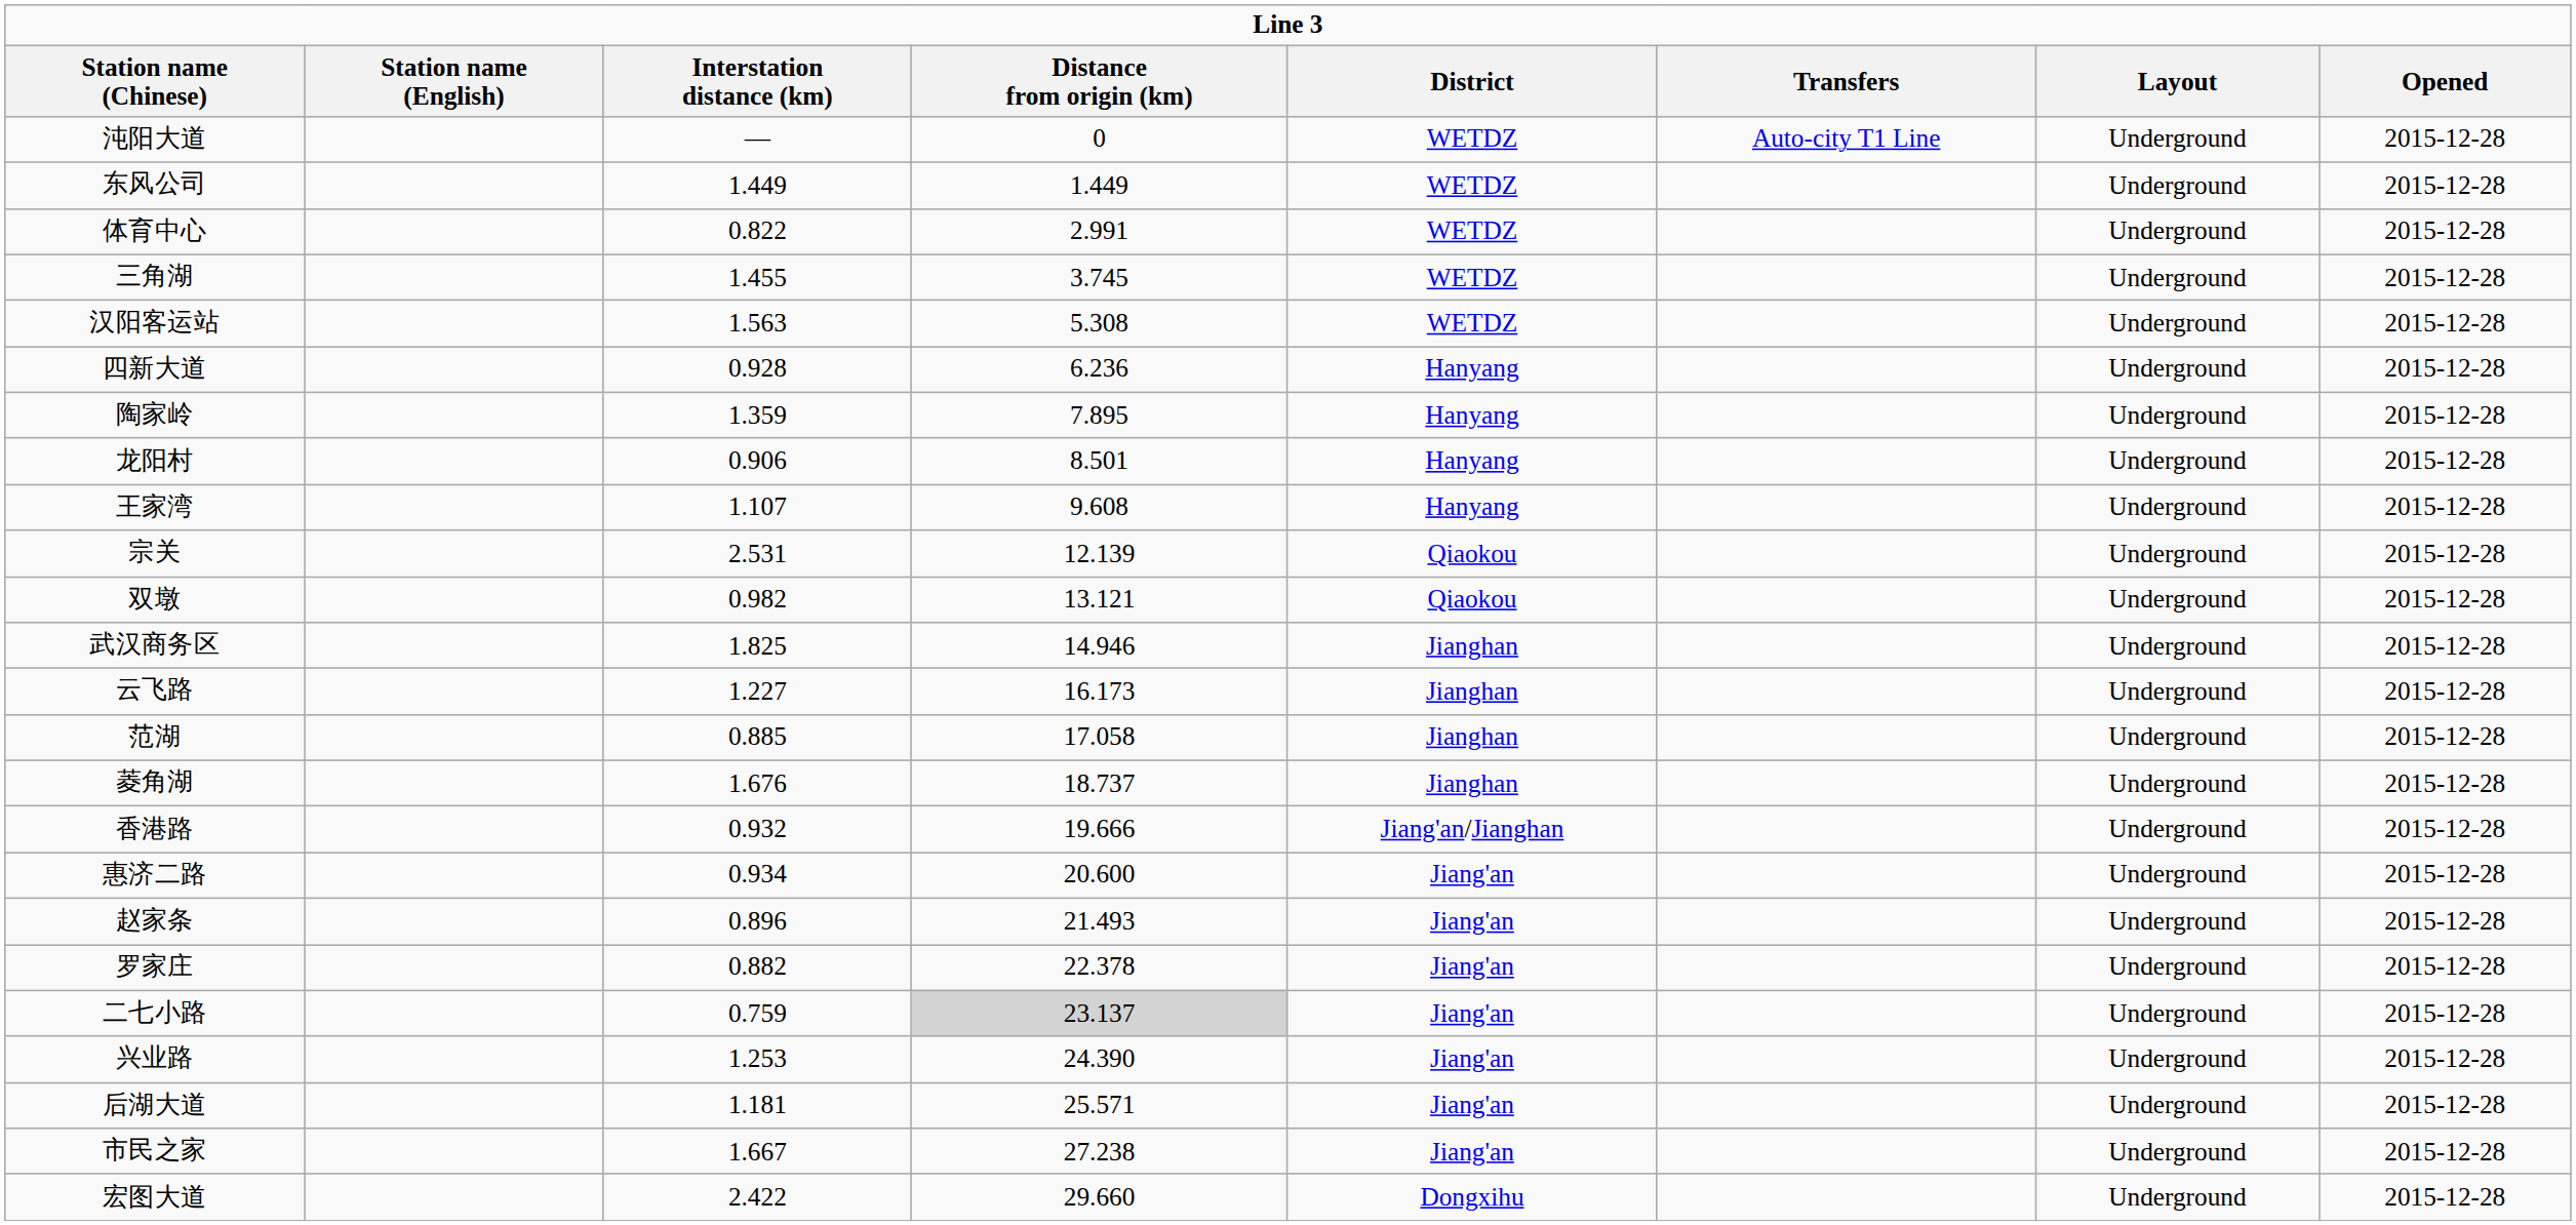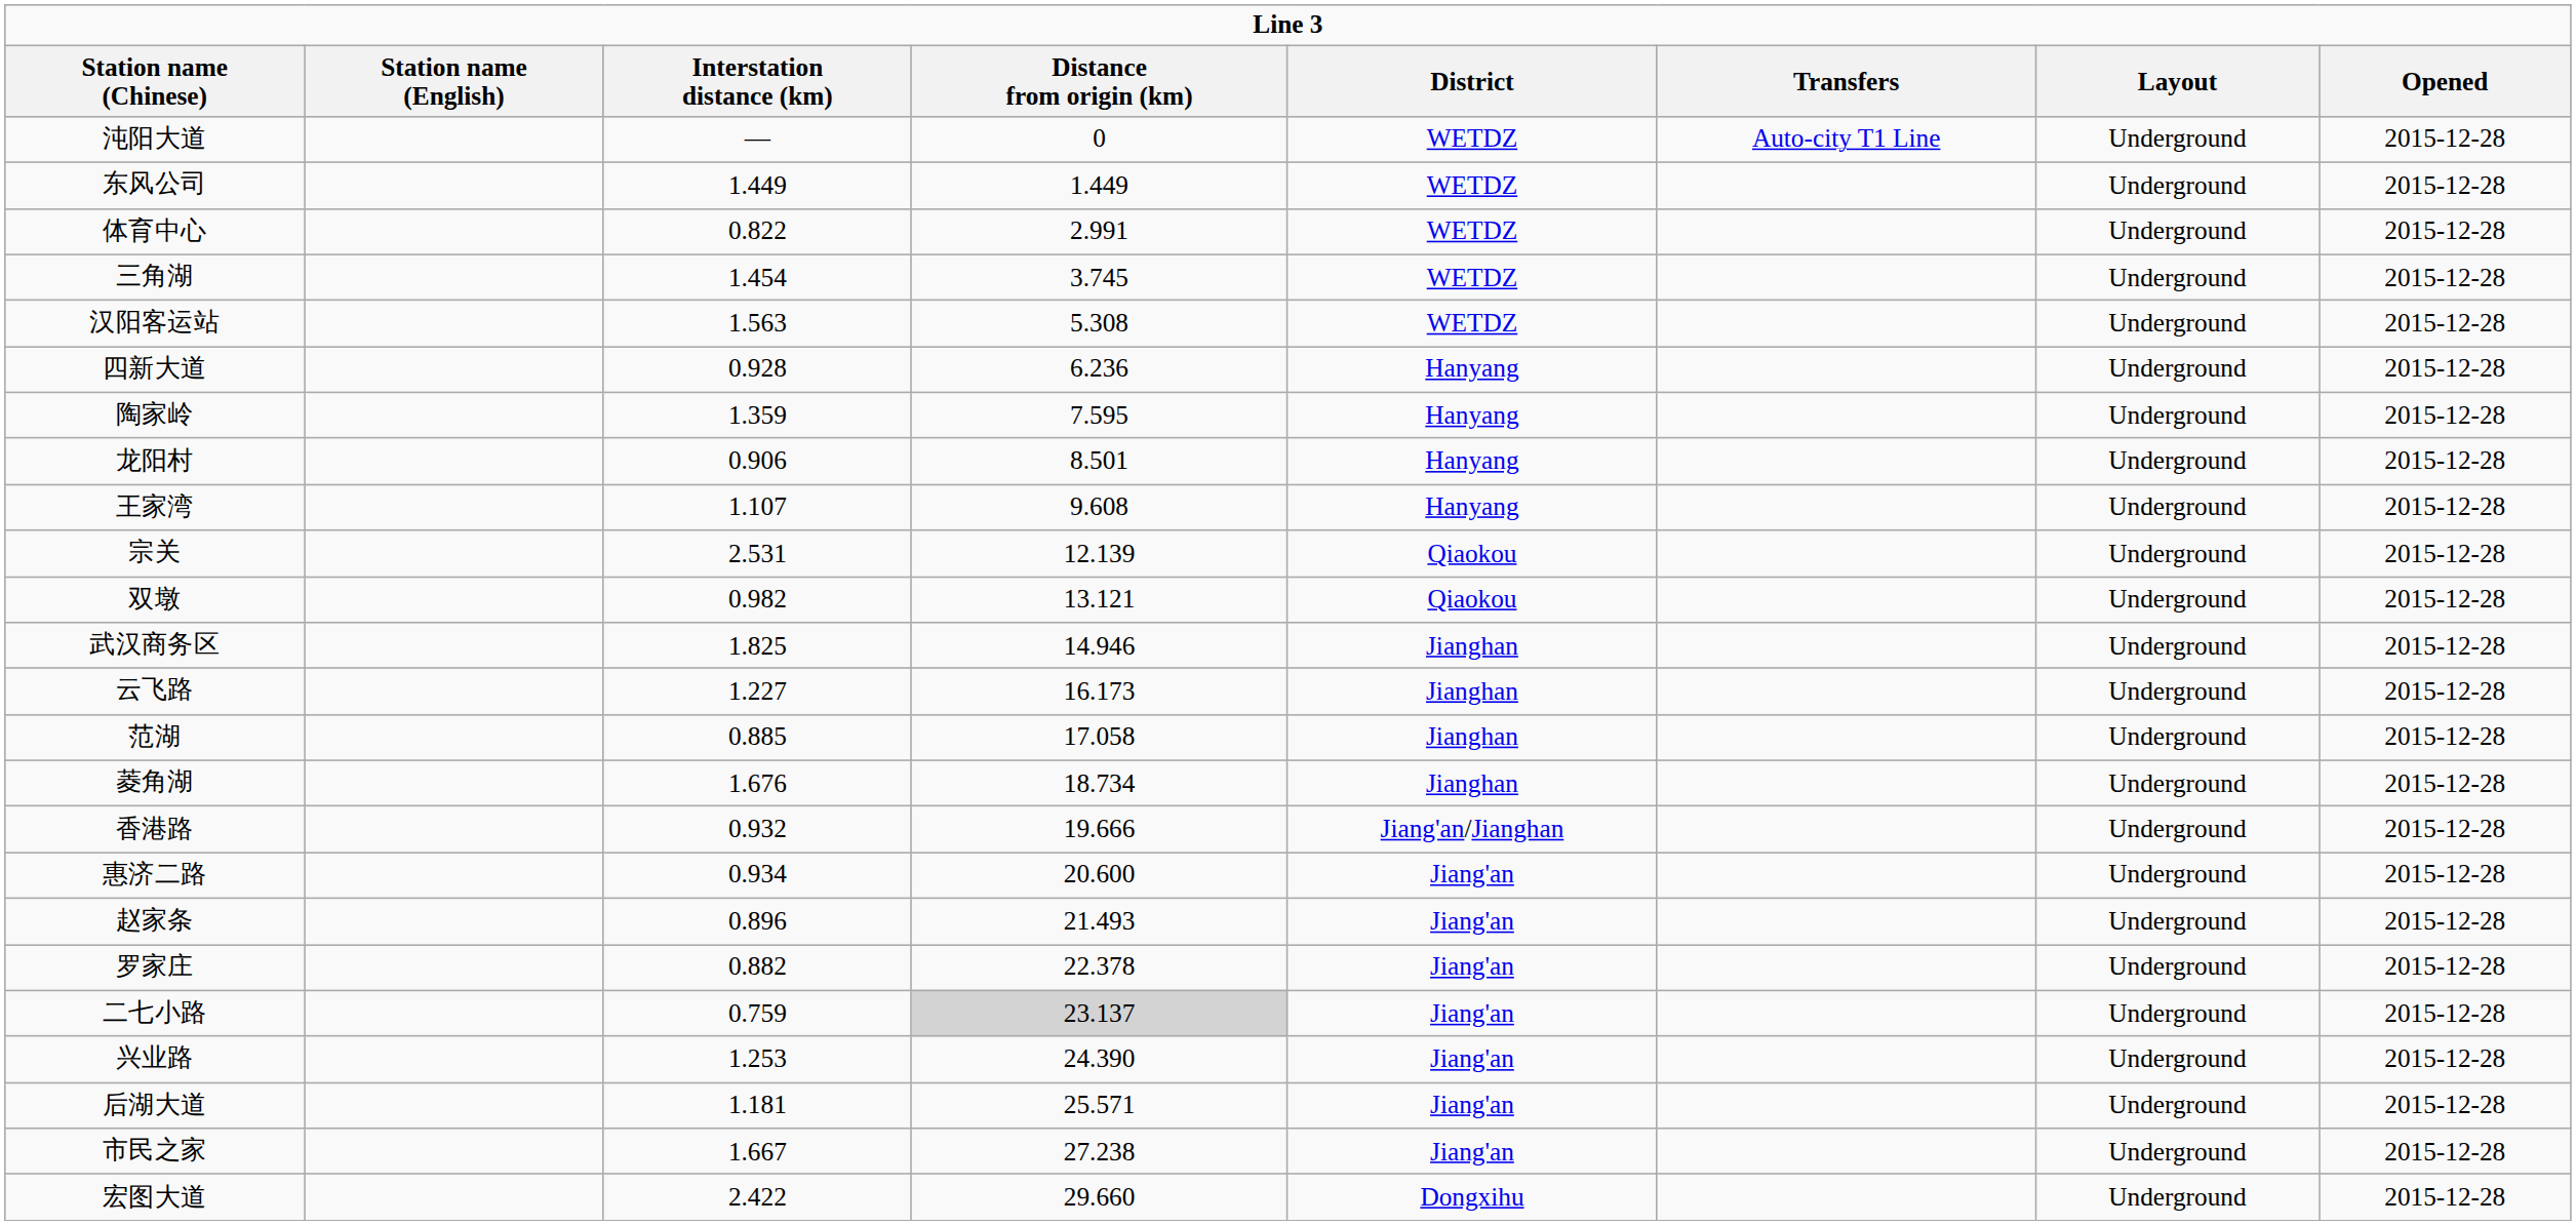 <table class="wikitable" style="width:100%; text-align: center;">
 <tr>
 <td align=center colspan=10><span><strong>Line 3</strong></span></td>
 </tr>
 <tr bgcolor="#CCCCCC">
 <th>Station name<br>(Chinese)</th>
 <th>Station name<br>(English)</th>
 <th>Interstation<br>distance (km)</th>
 <th>Distance<br>from origin (km)</th>
 <th>District</th>
 <th>Transfers</th>
 <th>Layout</th>
 <th>Opened</th>
 </tr>
 <tr>
 <td>沌阳大道</td>
 <td></td>
 <td>—</td>
 <td>0</td>
 <td><a href='#'>WETDZ</a></td>
 <td><a href='#'>Auto-city T1 Line</a></td>
 <td>Underground</td>
 <td>2015-12-28</td>
 </tr>
 <tr>
 <td>东风公司</td>
 <td></td>
 <td>1.449</td>
 <td>1.449</td>
 <td><a href='#'>WETDZ</a></td>
 <td></td>
 <td>Underground</td>
 <td>2015-12-28</td>
 </tr>
 <tr>
 <td>体育中心</td>
 <td></td>
 <td>0.822</td>
 <td>2.991</td>
 <td><a href='#'>WETDZ</a></td>
 <td></td>
 <td>Underground</td>
 <td>2015-12-28</td>
 </tr>
 <tr>
 <td>三角湖</td>
 <td></td>
-<td>1.455</td>
+<td>1.454</td>
 <td>3.745</td>
 <td><a href='#'>WETDZ</a></td>
 <td></td>
 <td>Underground</td>
 <td>2015-12-28</td>
 </tr>
 <tr>
 <td style="white-space:nowrap">汉阳客运站</td>
 <td><small></small></td>
 <td>1.563</td>
 <td>5.308</td>
 <td><a href='#'>WETDZ</a></td>
 <td></td>
 <td>Underground</td>
 <td>2015-12-28</td>
 </tr>
 <tr>
 <td>四新大道</td>
 <td></td>
 <td>0.928</td>
 <td>6.236</td>
 <td><a href='#'>Hanyang</a></td>
 <td></td>
 <td>Underground</td>
 <td>2015-12-28</td>
 </tr>
 <tr>
 <td>陶家岭</td>
 <td></td>
 <td>1.359</td>
-<td>7.895</td>
+<td>7.595</td>
 <td><a href='#'>Hanyang</a></td>
 <td></td>
 <td>Underground</td>
 <td>2015-12-28</td>
 </tr>
 <tr>
 <td>龙阳村</td>
 <td></td>
 <td>0.906</td>
 <td>8.501</td>
 <td><a href='#'>Hanyang</a></td>
 <td></td>
 <td>Underground</td>
 <td>2015-12-28</td>
 </tr>
 <tr>
 <td>王家湾</td>
 <td></td>
 <td>1.107</td>
 <td>9.608</td>
 <td><a href='#'>Hanyang</a></td>
 <td></td>
 <td>Underground</td>
 <td>2015-12-28</td>
 </tr>
 <tr>
 <td>宗关</td>
 <td></td>
 <td>2.531</td>
 <td>12.139</td>
 <td><a href='#'>Qiaokou</a></td>
 <td></td>
 <td>Underground</td>
 <td>2015-12-28</td>
 </tr>
 <tr>
 <td>双墩</td>
 <td></td>
 <td>0.982</td>
 <td>13.121</td>
 <td><a href='#'>Qiaokou</a></td>
 <td></td>
 <td>Underground</td>
 <td>2015-12-28</td>
 </tr>
 <tr>
 <td>武汉商务区</td>
 <td></td>
 <td>1.825</td>
 <td>14.946</td>
 <td><a href='#'>Jianghan</a></td>
 <td></td>
 <td>Underground</td>
 <td>2015-12-28</td>
 </tr>
 <tr>
 <td>云飞路</td>
 <td></td>
 <td>1.227</td>
 <td>16.173</td>
 <td><a href='#'>Jianghan</a></td>
 <td></td>
 <td>Underground</td>
 <td>2015-12-28</td>
 </tr>
 <tr>
 <td>范湖</td>
 <td></td>
 <td>0.885</td>
 <td>17.058</td>
 <td><a href='#'>Jianghan</a></td>
 <td></td>
 <td>Underground</td>
 <td>2015-12-28</td>
 </tr>
 <tr>
 <td>菱角湖</td>
 <td></td>
 <td>1.676</td>
-<td>18.737</td>
+<td>18.734</td>
 <td><a href='#'>Jianghan</a></td>
 <td></td>
 <td>Underground</td>
 <td>2015-12-28</td>
 </tr>
 <tr>
 <td>香港路</td>
 <td></td>
 <td>0.932</td>
 <td>19.666</td>
 <td><a href='#'>Jiang'an</a>/<a href='#'>Jianghan</a></td>
 <td> </td>
 <td>Underground</td>
 <td>2015-12-28</td>
 </tr>
 <tr>
 <td>惠济二路</td>
 <td></td>
 <td>0.934</td>
 <td>20.600</td>
 <td><a href='#'>Jiang'an</a></td>
 <td></td>
 <td>Underground</td>
 <td>2015-12-28</td>
 </tr>
 <tr>
 <td>赵家条</td>
 <td></td>
 <td>0.896</td>
 <td>21.493</td>
 <td><a href='#'>Jiang'an</a></td>
 <td></td>
 <td>Underground</td>
 <td>2015-12-28</td>
 </tr>
 <tr>
 <td>罗家庄</td>
 <td></td>
 <td>0.882</td>
 <td>22.378</td>
 <td><a href='#'>Jiang'an</a></td>
 <td></td>
 <td>Underground</td>
 <td>2015-12-28</td>
 </tr>
 <tr>
 <td>二七小路</td>
 <td></td>
 <td>0.759</td>
 <td style="background: lightgrey;">23.137</td>
 <td><a href='#'>Jiang'an</a></td>
 <td></td>
 <td>Underground</td>
 <td>2015-12-28</td>
 </tr>
 <tr>
 <td>兴业路</td>
 <td></td>
 <td>1.253</td>
 <td>24.390</td>
 <td><a href='#'>Jiang'an</a></td>
 <td></td>
 <td>Underground</td>
 <td>2015-12-28</td>
 </tr>
 <tr>
 <td>后湖大道</td>
 <td></td>
 <td>1.181</td>
 <td>25.571</td>
 <td><a href='#'>Jiang'an</a></td>
 <td></td>
 <td>Underground</td>
 <td>2015-12-28</td>
 </tr>
 <tr>
 <td>市民之家</td>
 <td></td>
 <td>1.667</td>
 <td>27.238</td>
 <td><a href='#'>Jiang'an</a></td>
 <td></td>
 <td>Underground</td>
 <td>2015-12-28</td>
 </tr>
 <tr>
 <td>宏图大道</td>
 <td></td>
 <td>2.422</td>
 <td>29.660</td>
 <td><a href='#'>Dongxihu</a></td>
 <td> </td>
 <td>Underground</td>
 <td>2015-12-28</td>
 </tr>
 </table>
